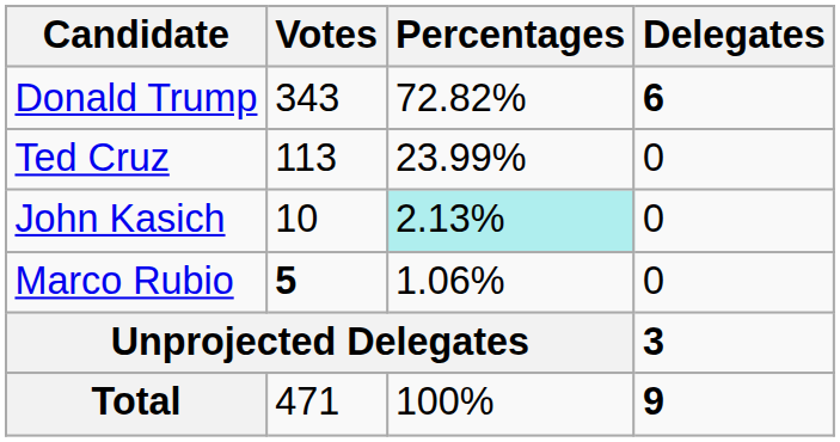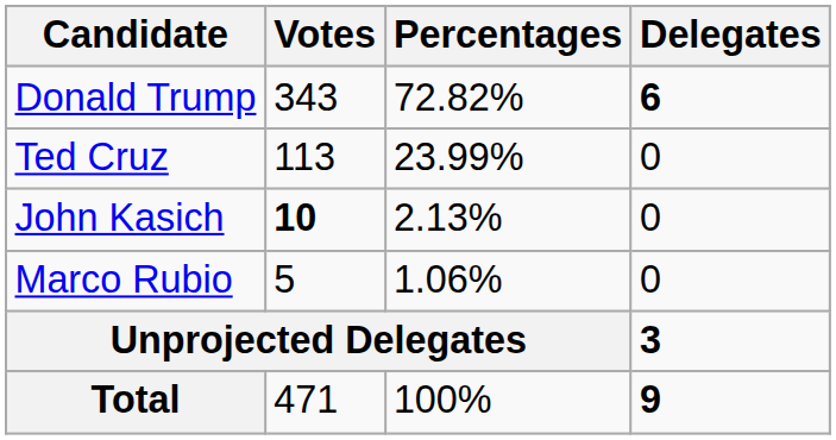 <table class="wikitable sortable">
 <tr>
 <th>Candidate</th>
 <th>Votes</th>
 <th>Percentages</th>
 <th>Delegates</th>
 </tr>
 <tr>
 <td><a href='#'>Donald Trump</a></td>
 <td>343</td>
 <td>72.82%</td>
 <td><strong>6</strong></td>
 </tr>
 <tr>
 <td><a href='#'>Ted Cruz</a></td>
 <td>113</td>
 <td>23.99%</td>
 <td>0</td>
 </tr>
 <tr>
 <td><a href='#'>John Kasich</a></td>
-<td>10</td>
-<td style="background: paleturquoise;">2.13%</td>
+<td><strong>10</strong></td>
+<td>2.13%</td>
 <td>0</td>
 </tr>
 <tr>
 <td><a href='#'>Marco Rubio</a></td>
-<td><strong>5</strong></td>
+<td>5</td>
 <td>1.06%</td>
 <td>0</td>
 </tr>
 <tr>
 <th colspan="3"><strong>Unprojected Delegates</strong></th>
 <td><strong>3</strong></td>
 </tr>
 <tr>
 <th>Total</th>
 <td>471</td>
 <td>100%</td>
 <td><strong>9</strong></td>
 </tr>
 </table>
